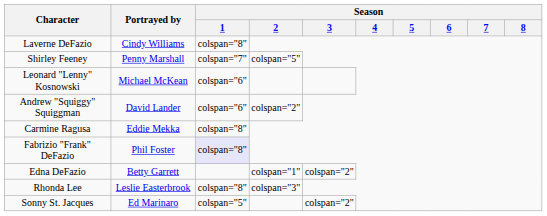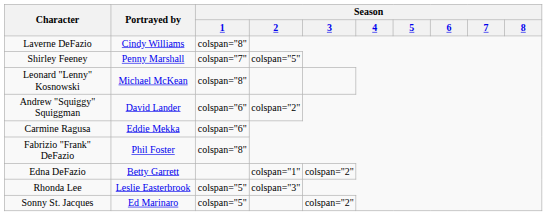 <table class="wikitable" style="text-align:center;">
 <tr>
 <th rowspan="2" style="width:200px;">Character</th>
 <th rowspan="2" style="width:150px;">Portrayed by</th>
 <th colspan="8">Season</th>
 </tr>
 <tr>
 <th style="width:70px;"><a href='#'>1</a></th>
 <th style="width:70px;"><a href='#'>2</a></th>
 <th style="width:70px;"><a href='#'>3</a></th>
 <th style="width:70px;"><a href='#'>4</a></th>
 <th style="width:70px;"><a href='#'>5</a></th>
 <th style="width:70px;"><a href='#'>6</a></th>
 <th style="width:70px;"><a href='#'>7</a></th>
 <th style="width:70px;"><a href='#'>8</a></th>
 </tr>
 <tr>
 <td>Laverne DeFazio</td>
 <td><a href='#'>Cindy Williams</a></td>
 <td>colspan="8" </td>
 </tr>
 <tr>
 <td>Shirley Feeney</td>
 <td><a href='#'>Penny Marshall</a></td>
 <td>colspan="7" </td>
 <td>colspan="5" </td>
 </tr>
 <tr>
 <td>Leonard "Lenny" Kosnowski</td>
 <td><a href='#'>Michael McKean</a></td>
-<td>colspan="6" </td>
+<td>colspan="8" </td>
 <td></td>
 <td></td>
 </tr>
 <tr>
 <td>Andrew "Squiggy" Squiggman</td>
 <td><a href='#'>David Lander</a></td>
 <td>colspan="6" </td>
 <td>colspan="2" </td>
 </tr>
 <tr>
 <td>Carmine Ragusa</td>
 <td><a href='#'>Eddie Mekka</a></td>
-<td>colspan="8" </td>
+<td>colspan="6" </td>
 </tr>
 <tr>
 <td>Fabrizio "Frank" DeFazio</td>
 <td><a href='#'>Phil Foster</a></td>
-<td style="background: lavender;">colspan="8" </td>
+<td>colspan="8" </td>
 </tr>
 <tr>
 <td>Edna DeFazio</td>
 <td><a href='#'>Betty Garrett</a></td>
 <td></td>
 <td>colspan="1" </td>
 <td>colspan="2" </td>
 </tr>
 <tr>
 <td>Rhonda Lee</td>
 <td><a href='#'>Leslie Easterbrook</a></td>
-<td>colspan="8" </td>
+<td>colspan="5" </td>
 <td>colspan="3" </td>
 </tr>
 <tr>
 <td>Sonny St. Jacques</td>
 <td><a href='#'>Ed Marinaro</a></td>
 <td>colspan="5" </td>
 <td></td>
 <td>colspan="2" </td>
 </tr>
 </table>
